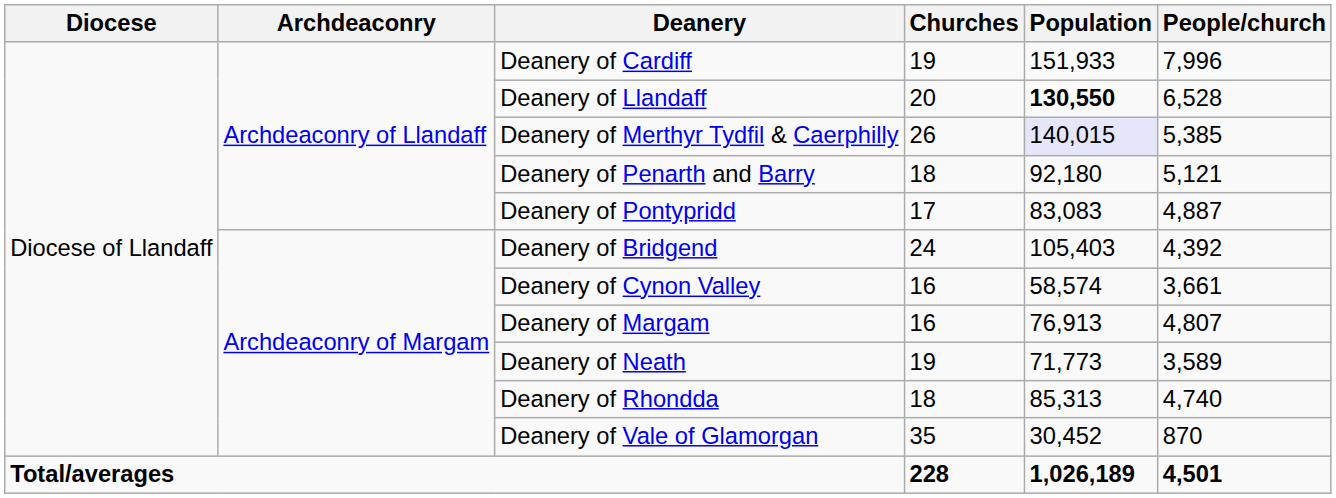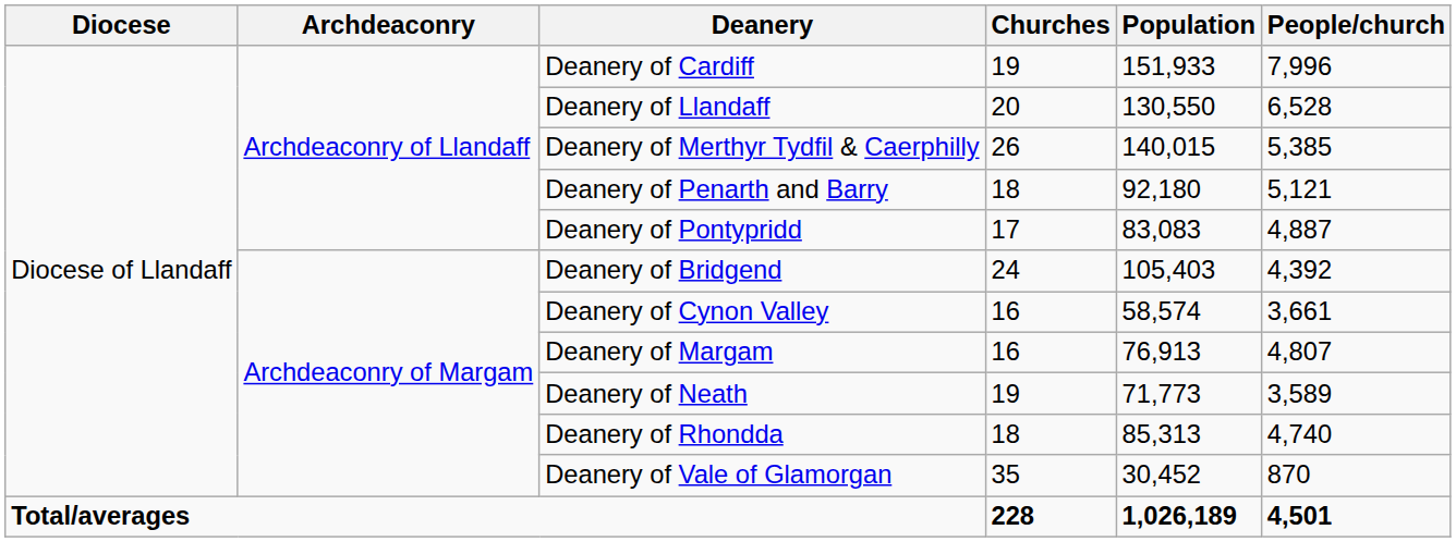 <table class="wikitable sortable">
 <tr>
 <th>Diocese</th>
 <th>Archdeaconry</th>
 <th>Deanery</th>
 <th>Churches</th>
 <th>Population</th>
 <th>People/church</th>
 </tr>
 <tr>
 <td rowspan="11">Diocese of Llandaff</td>
 <td rowspan="5"><a href='#'>Archdeaconry of Llandaff</a></td>
 <td>Deanery of <a href='#'>Cardiff</a></td>
 <td>19</td>
 <td>151,933</td>
 <td>7,996</td>
 </tr>
 <tr>
 <td>Deanery of <a href='#'>Llandaff</a></td>
 <td>20</td>
-<td><strong>130,550</strong></td>
+<td>130,550</td>
 <td>6,528</td>
 </tr>
 <tr>
 <td>Deanery of <a href='#'>Merthyr Tydfil</a> & <a href='#'>Caerphilly</a></td>
 <td>26</td>
-<td style="background: lavender;">140,015</td>
+<td>140,015</td>
 <td>5,385</td>
 </tr>
 <tr>
 <td>Deanery of <a href='#'>Penarth</a> and <a href='#'>Barry</a></td>
 <td>18</td>
 <td>92,180</td>
 <td>5,121</td>
 </tr>
 <tr>
 <td>Deanery of <a href='#'>Pontypridd</a></td>
 <td>17</td>
 <td>83,083</td>
 <td>4,887</td>
 </tr>
 <tr>
 <td rowspan="6"><a href='#'>Archdeaconry of Margam</a></td>
 <td>Deanery of <a href='#'>Bridgend</a></td>
 <td>24</td>
 <td>105,403</td>
 <td>4,392</td>
 </tr>
 <tr>
 <td>Deanery of <a href='#'>Cynon Valley</a></td>
 <td>16</td>
 <td>58,574</td>
 <td>3,661</td>
 </tr>
 <tr>
 <td>Deanery of <a href='#'>Margam</a></td>
 <td>16</td>
 <td>76,913</td>
 <td>4,807</td>
 </tr>
 <tr>
 <td>Deanery of <a href='#'>Neath</a></td>
 <td>19</td>
 <td>71,773</td>
 <td>3,589</td>
 </tr>
 <tr>
 <td>Deanery of <a href='#'>Rhondda</a></td>
 <td>18</td>
 <td>85,313</td>
 <td>4,740</td>
 </tr>
 <tr>
 <td>Deanery of <a href='#'>Vale of Glamorgan</a></td>
 <td>35</td>
 <td>30,452</td>
 <td>870</td>
 </tr>
 <tr>
 <td colspan="3"><strong>Total/averages</strong></td>
 <td><strong>228</strong></td>
 <td><strong>1,026,189</strong></td>
 <td><strong>4,501</strong></td>
 </tr>
 </table>
